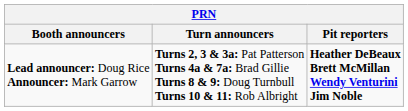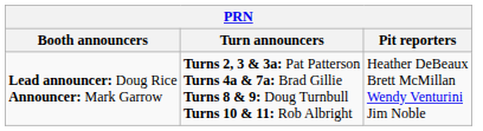 <table class="wikitable" style="font-size: 95%;">
 <tr>
 <th colspan="3"><a href='#'>PRN</a></th>
 </tr>
 <tr>
 <th>Booth announcers</th>
 <th>Turn announcers</th>
 <th>Pit reporters</th>
 </tr>
 <tr>
 <td><strong>Lead announcer:</strong> Doug Rice<br><strong>Announcer:</strong> Mark Garrow</td>
 <td><strong>Turns 2, 3 & 3a:</strong> Pat Patterson<br><strong>Turns 4a & 7a:</strong> Brad Gillie<br><strong>Turns 8 & 9:</strong> Doug Turnbull<br> <strong>Turns 10 & 11:</strong> Rob Albright</td>
-<td><strong>Heather DeBeaux<br>Brett McMillan<br><a href='#'>Wendy Venturini</a><br>Jim Noble</strong></td>
+<td>Heather DeBeaux<br>Brett McMillan<br><a href='#'>Wendy Venturini</a><br>Jim Noble</td>
 </tr>
 </table>
